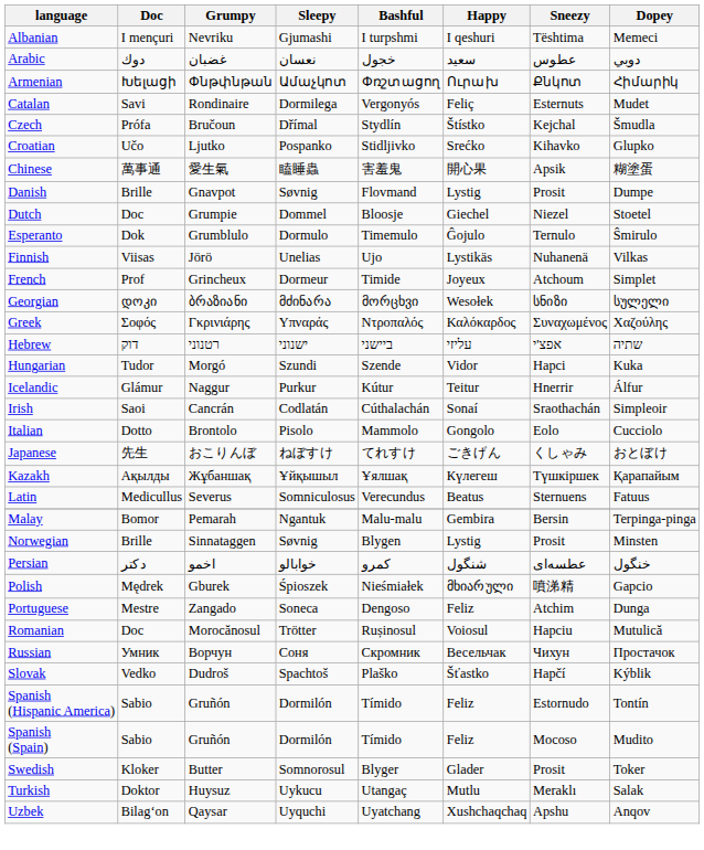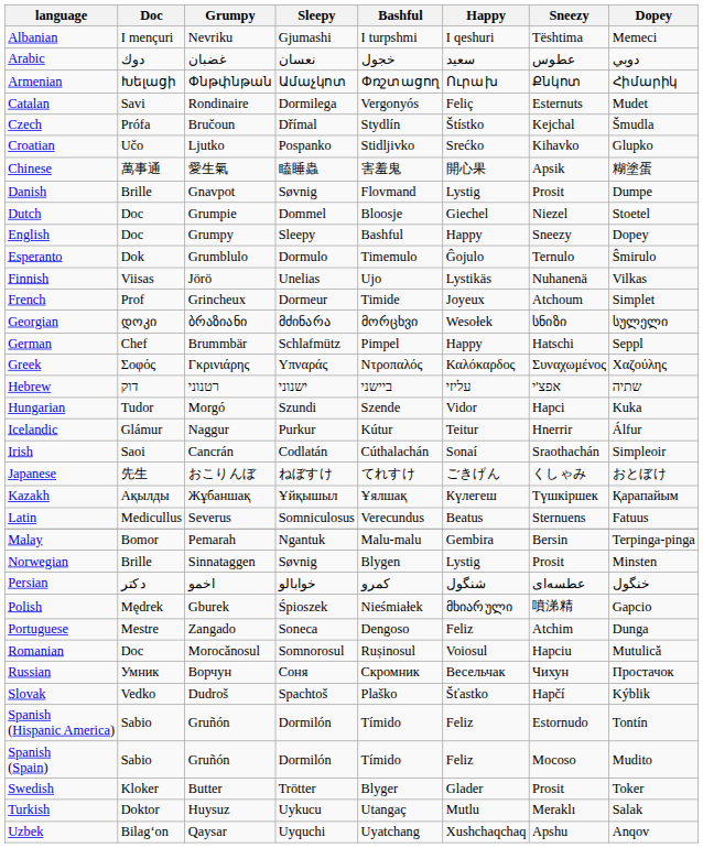 <table class="wikitable">
 <tr>
 <th>language</th>
 <th>Doc</th>
 <th>Grumpy</th>
 <th>Sleepy</th>
 <th>Bashful</th>
 <th>Happy</th>
 <th>Sneezy</th>
 <th>Dopey</th>
 </tr>
 <tr>
 <td><a href='#'>Albanian</a></td>
 <td>I mençuri</td>
 <td>Nevriku</td>
 <td>Gjumashi</td>
 <td>I turpshmi</td>
 <td>I qeshuri</td>
 <td>Tështima</td>
 <td>Memeci</td>
 </tr>
 <tr>
 <td><a href='#'>Arabic</a></td>
 <td>دوك</td>
 <td>غضبان</td>
 <td>نعسان</td>
 <td>خجول</td>
 <td>سعيد</td>
 <td>عطوس</td>
 <td>دوبي</td>
 </tr>
 <tr>
 <td><a href='#'>Armenian</a></td>
 <td>Խելացի</td>
 <td>Փնթփնթան</td>
 <td>Ամաչկոտ</td>
 <td>Փռշտացող</td>
 <td>Ուրախ</td>
 <td>Քնկոտ</td>
 <td>Հիմարիկ</td>
 </tr>
 <tr>
 <td><a href='#'>Catalan</a></td>
 <td>Savi</td>
 <td>Rondinaire</td>
 <td>Dormilega</td>
 <td>Vergonyós</td>
 <td>Feliç</td>
 <td>Esternuts</td>
 <td>Mudet</td>
 </tr>
 <tr>
 <td><a href='#'>Czech</a></td>
 <td>Prófa</td>
 <td>Bručoun</td>
 <td>Dřímal</td>
 <td>Stydlín</td>
 <td>Štístko</td>
 <td>Kejchal</td>
 <td>Šmudla</td>
 </tr>
 <tr>
 <td><a href='#'>Croatian</a></td>
 <td>Učo</td>
 <td>Ljutko</td>
 <td>Pospanko</td>
 <td>Stidljivko</td>
 <td>Srećko</td>
 <td>Kihavko</td>
 <td>Glupko</td>
 </tr>
 <tr>
 <td><a href='#'>Chinese</a></td>
 <td>萬事通</td>
 <td>愛生氣</td>
 <td>瞌睡蟲</td>
 <td>害羞鬼</td>
 <td>開心果</td>
 <td>Apsik</td>
 <td>糊塗蛋</td>
 </tr>
 <tr>
 <td><a href='#'>Danish</a></td>
 <td>Brille</td>
 <td>Gnavpot</td>
 <td>Søvnig</td>
 <td>Flovmand</td>
 <td>Lystig</td>
 <td>Prosit</td>
 <td>Dumpe</td>
 </tr>
 <tr>
 <td><a href='#'>Dutch</a></td>
 <td>Doc</td>
 <td>Grumpie</td>
 <td>Dommel</td>
 <td>Bloosje</td>
 <td>Giechel</td>
 <td>Niezel</td>
 <td>Stoetel</td>
 </tr>
 <tr>
+<td><a href='#'>English</a></td>
+<td>Doc</td>
+<td>Grumpy</td>
+<td>Sleepy</td>
+<td>Bashful</td>
+<td>Happy</td>
+<td>Sneezy</td>
+<td>Dopey</td>
+</tr>
+<tr>
 <td><a href='#'>Esperanto</a></td>
 <td>Dok</td>
 <td>Grumblulo</td>
 <td>Dormulo</td>
 <td>Timemulo</td>
 <td>Ĝojulo</td>
 <td>Ternulo</td>
 <td>Ŝmirulo</td>
 </tr>
 <tr>
 <td><a href='#'>Finnish</a></td>
 <td>Viisas</td>
 <td>Jörö</td>
 <td>Unelias</td>
 <td>Ujo</td>
 <td>Lystikäs</td>
 <td>Nuhanenä</td>
 <td>Vilkas</td>
 </tr>
 <tr>
 <td><a href='#'>French</a></td>
 <td>Prof</td>
 <td>Grincheux</td>
 <td>Dormeur</td>
 <td>Timide</td>
 <td>Joyeux</td>
 <td>Atchoum</td>
 <td>Simplet</td>
 </tr>
 <tr>
 <td><a href='#'>Georgian</a></td>
 <td>დოკი</td>
 <td>ბრაზიანი</td>
 <td>მძინარა</td>
 <td>მორ­ცხვი</td>
 <td>Wesołek</td>
 <td>სნიზი</td>
 <td>სულელი</td>
+</tr>
+<tr>
+<td><a href='#'>German</a></td>
+<td>Chef</td>
+<td>Brummbär</td>
+<td>Schlafmütz</td>
+<td>Pimpel</td>
+<td>Happy</td>
+<td>Hatschi</td>
+<td>Seppl</td>
 </tr>
 <tr>
 <td><a href='#'>Greek</a></td>
 <td>Σοφός</td>
 <td>Γκρινιάρης</td>
 <td>Υπναράς</td>
 <td>Ντροπαλός</td>
 <td>Καλόκαρδος</td>
 <td>Συναχωμένος</td>
 <td>Χαζούλης</td>
 </tr>
 <tr>
 <td><a href='#'>Hebrew</a></td>
 <td>דוק</td>
 <td>רטנוני</td>
 <td>ישנוני</td>
 <td>ביישני</td>
 <td>עליזי</td>
 <td>אפצ'י</td>
 <td>שתיה</td>
 </tr>
 <tr>
 <td><a href='#'>Hungarian</a></td>
 <td>Tudor</td>
 <td>Morgó</td>
 <td>Szundi</td>
 <td>Szende</td>
 <td>Vidor</td>
 <td>Hapci</td>
 <td>Kuka</td>
 </tr>
 <tr>
 <td><a href='#'>Icelandic</a></td>
 <td>Glámur</td>
 <td>Naggur</td>
 <td>Purkur</td>
 <td>Kútur</td>
 <td>Teitur</td>
 <td>Hnerrir</td>
 <td>Álfur</td>
 </tr>
 <tr>
 <td><a href='#'>Irish</a></td>
 <td>Saoi</td>
 <td>Cancrán</td>
 <td>Codlatán</td>
 <td>Cúthalachán</td>
 <td>Sonaí</td>
 <td>Sraothachán</td>
 <td>Simpleoir</td>
-</tr>
-<tr>
-<td><a href='#'>Italian</a></td>
-<td>Dotto</td>
-<td>Brontolo</td>
-<td>Pisolo</td>
-<td>Mammolo</td>
-<td>Gongolo</td>
-<td>Eolo</td>
-<td>Cucciolo</td>
 </tr>
 <tr>
 <td><a href='#'>Japanese</a></td>
 <td>先生</td>
 <td>おこりんぼ</td>
 <td>ねぼすけ</td>
 <td>てれすけ</td>
 <td>ごきげん</td>
 <td>くしゃみ</td>
 <td>おとぼけ</td>
 </tr>
 <tr>
 <td><a href='#'>Kazakh</a></td>
 <td>Ақылды</td>
 <td>Жұбаншақ</td>
 <td>Ұйқышыл</td>
 <td>Ұялшақ</td>
 <td>Күлегеш</td>
 <td>Түшкiршек</td>
 <td>Қарапайым</td>
 </tr>
 <tr>
 <td><a href='#'>Latin</a></td>
 <td>Medicullus</td>
 <td>Severus</td>
 <td>Somniculosus</td>
 <td>Verecundus</td>
 <td>Beatus</td>
 <td>Sternuens</td>
 <td>Fatuus</td>
 </tr>
 <tr>
 </tr>
 <tr>
 <td><a href='#'>Malay</a></td>
 <td>Bomor</td>
 <td>Pemarah</td>
 <td>Ngantuk</td>
 <td>Malu-malu</td>
 <td>Gembira</td>
 <td>Bersin</td>
 <td>Terpinga-pinga</td>
 </tr>
 <tr>
 <td><a href='#'>Norwegian</a></td>
 <td>Brille</td>
 <td>Sinnataggen</td>
 <td>Søvnig</td>
 <td>Blygen</td>
 <td>Lystig</td>
 <td>Prosit</td>
 <td>Minsten</td>
 </tr>
 <tr>
 <td><a href='#'>Persian</a></td>
 <td>دکتر</td>
 <td>اخمو</td>
 <td>خوابالو</td>
 <td>کمرو</td>
 <td>شنگول</td>
 <td>عطسه‌ای</td>
 <td>خنگول</td>
 </tr>
 <tr>
 <td><a href='#'>Polish</a></td>
 <td>Mędrek</td>
 <td>Gburek</td>
 <td>Śpioszek</td>
 <td>Nieśmiałek</td>
 <td>მხიარული</td>
 <td>噴涕精</td>
 <td>Gapcio</td>
 </tr>
 <tr>
 <td><a href='#'>Portuguese</a></td>
 <td>Mestre</td>
 <td>Zangado</td>
 <td>Soneca</td>
 <td>Dengoso</td>
 <td>Feliz</td>
 <td>Atchim</td>
 <td>Dunga</td>
 </tr>
 <tr>
 <td><a href='#'>Romanian</a></td>
 <td>Doc</td>
 <td>Morocănosul</td>
-<td>Trötter</td>
+<td>Somnorosul</td>
 <td>Rușinosul</td>
 <td>Voiosul</td>
 <td>Hapciu</td>
 <td>Mutulică</td>
 </tr>
 <tr>
 <td><a href='#'>Russian</a></td>
 <td>Умник</td>
 <td>Ворчун</td>
 <td>Соня</td>
 <td>Скромник</td>
 <td>Весельчак</td>
 <td>Чихун</td>
 <td>Простачок</td>
 </tr>
 <tr>
 <td><a href='#'>Slovak</a></td>
 <td>Vedko</td>
 <td>Dudroš</td>
 <td>Spachtoš</td>
 <td>Plaško</td>
 <td>Šťastko</td>
 <td>Hapčí</td>
 <td>Kýblik</td>
 </tr>
 <tr>
 <td><a href='#'>Spanish</a><br>(<a href='#'>Hispanic America</a>)</td>
 <td>Sabio</td>
 <td>Gruñón</td>
 <td>Dormilón</td>
 <td>Tímido</td>
 <td>Feliz</td>
 <td>Estornudo</td>
 <td>Tontín</td>
 </tr>
 <tr>
 <td><a href='#'>Spanish</a><br>(<a href='#'>Spain</a>)</td>
 <td>Sabio</td>
 <td>Gruñón</td>
 <td>Dormilón</td>
 <td>Tímido</td>
 <td>Feliz</td>
 <td>Mocoso</td>
 <td>Mudito</td>
 </tr>
 <tr>
 <td><a href='#'>Swedish</a></td>
 <td>Kloker</td>
 <td>Butter</td>
-<td>Somnorosul</td>
+<td>Trötter</td>
 <td>Blyger</td>
 <td>Glader</td>
 <td>Prosit</td>
 <td>Toker</td>
 </tr>
 <tr>
 <td><a href='#'>Turkish</a></td>
 <td>Doktor</td>
 <td>Huysuz</td>
 <td>Uykucu</td>
 <td>Utangaç</td>
 <td>Mutlu</td>
 <td>Meraklı</td>
 <td>Salak</td>
 </tr>
 <tr>
 <td><a href='#'>Uzbek</a></td>
 <td>Bilagʻon</td>
 <td>Qaysar</td>
 <td>Uyquchi</td>
 <td>Uyatchang</td>
 <td>Xushchaqchaq</td>
 <td>Apshu</td>
 <td>Anqov</td>
 </tr>
 </table>
